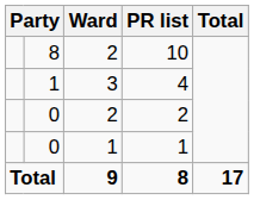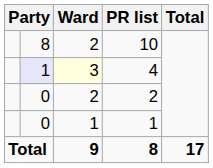 <table class=wikitable style="text-align:right">
 <tr>
 <th colspan=2>Party</th>
 <th>Ward</th>
 <th>PR list</th>
 <th>Total</th>
 </tr>
 <tr>
 <td></td>
 <td>8</td>
 <td>2</td>
 <td>10</td>
 </tr>
 <tr>
 <td></td>
-<td>1</td>
-<td>3</td>
+<td style="background: lavender;">1</td>
+<td style="background: lightyellow;">3</td>
 <td>4</td>
 </tr>
 <tr>
 <td></td>
 <td>0</td>
 <td>2</td>
 <td>2</td>
 </tr>
 <tr>
 <td></td>
 <td>0</td>
 <td>1</td>
 <td>1</td>
 </tr>
 <tr>
 <td colspan="2" style="text-align:left"><strong>Total</strong></td>
 <td><strong>9</strong></td>
 <td><strong>8</strong></td>
 <td><strong>17</strong></td>
 </tr>
 </table>
